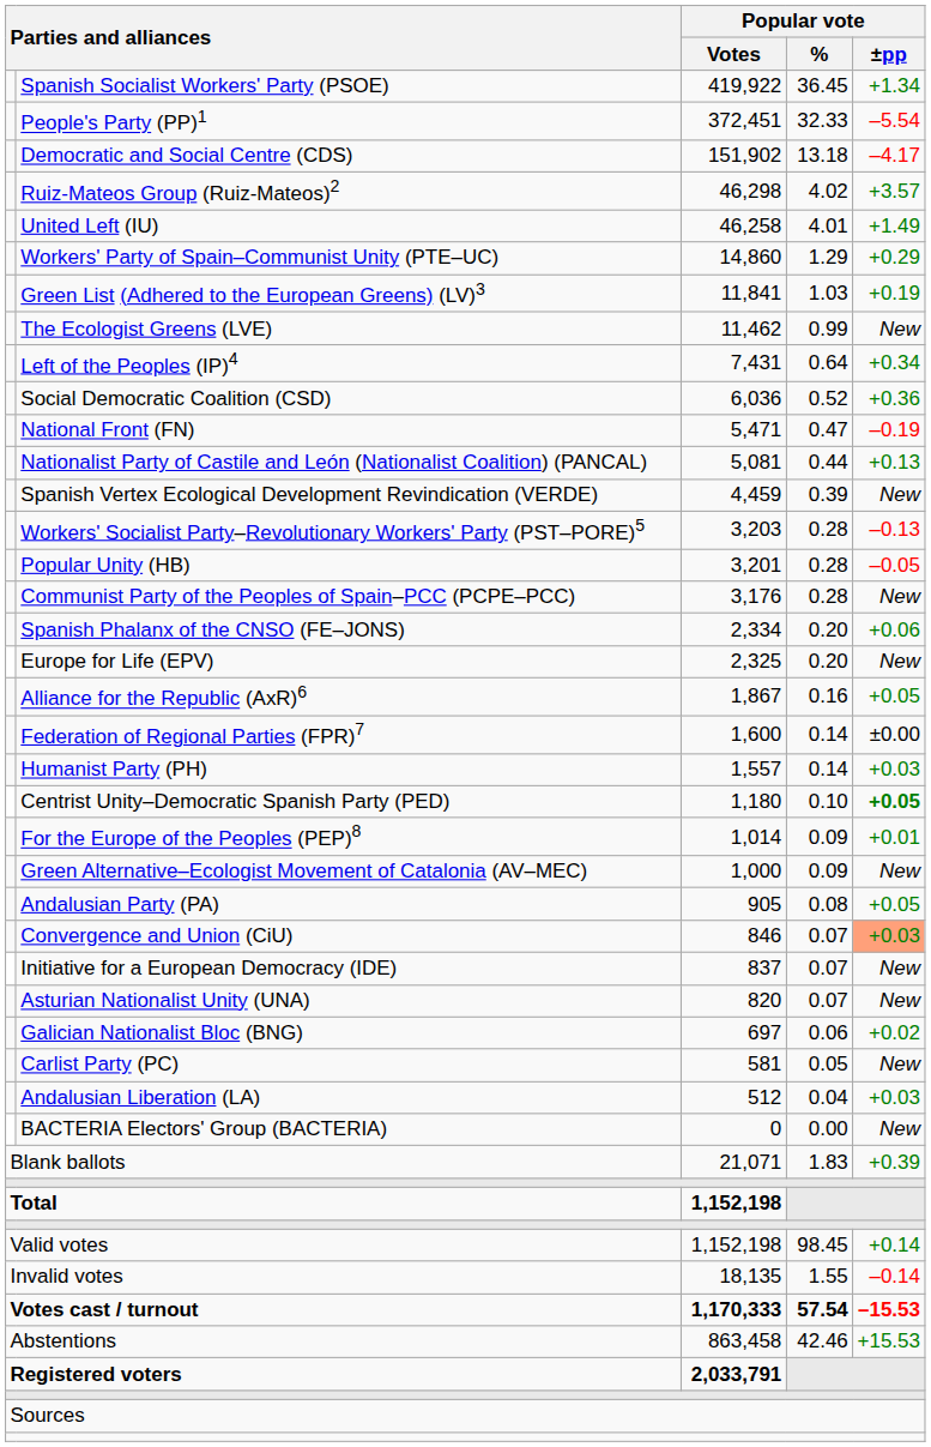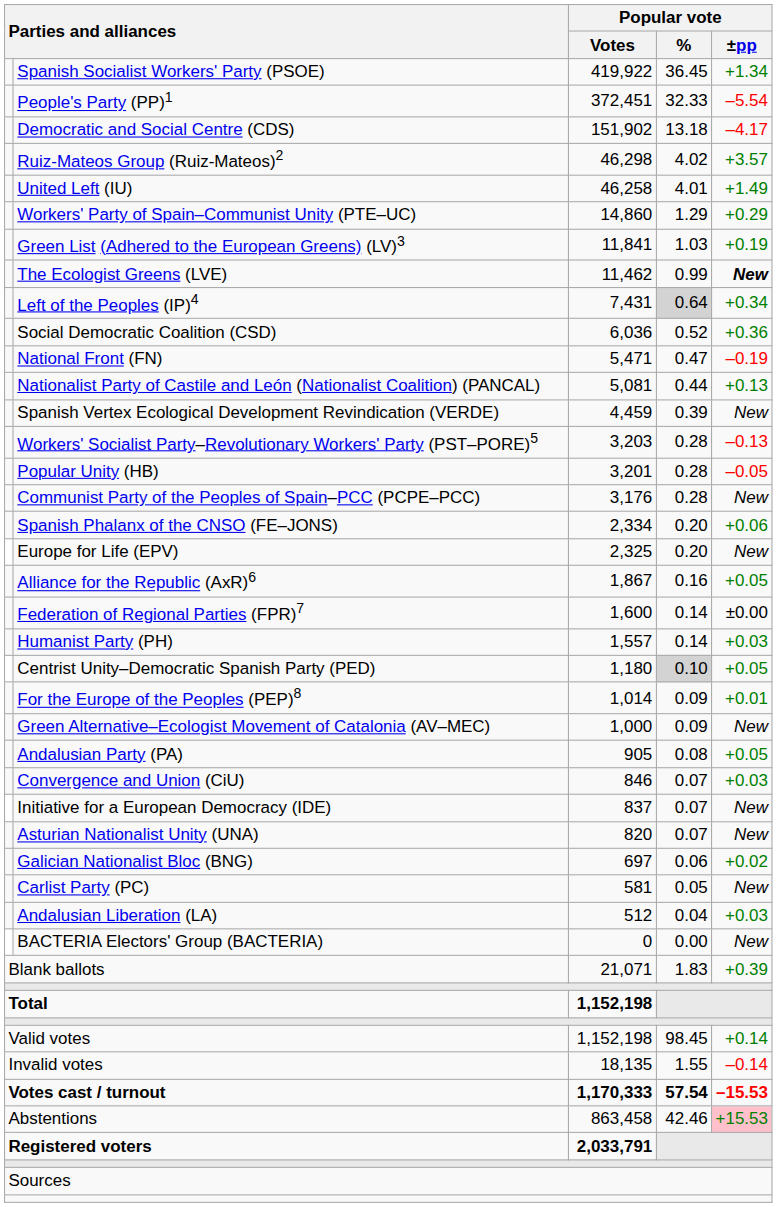 <table class="wikitable" style="text-align:right">
 <tr>
 <th style="text-align:left;" rowspan="2" colspan="2" width="525">Parties and alliances</th>
 <th colspan="3">Popular vote</th>
 </tr>
 <tr>
 <th width="75">Votes</th>
 <th width="45">%</th>
 <th width="45">±<a href='#'>pp</a></th>
 </tr>
 <tr>
 <td width="1" style="color:inherit;background:"></td>
 <td align="left"><a href='#'>Spanish Socialist Workers' Party</a> (PSOE)</td>
 <td>419,922</td>
 <td>36.45</td>
 <td style="color:green;">+1.34</td>
 </tr>
 <tr>
 <td style="color:inherit;background:"></td>
 <td align="left"><a href='#'>People's Party</a> (PP)<sup>1</sup></td>
 <td>372,451</td>
 <td>32.33</td>
 <td style="color:red;">–5.54</td>
 </tr>
 <tr>
 <td style="color:inherit;background:"></td>
 <td align="left"><a href='#'>Democratic and Social Centre</a> (CDS)</td>
 <td>151,902</td>
 <td>13.18</td>
 <td style="color:red;">–4.17</td>
 </tr>
 <tr>
 <td style="color:inherit;background:"></td>
 <td align="left"><a href='#'>Ruiz-Mateos Group</a> (Ruiz-Mateos)<sup>2</sup></td>
 <td>46,298</td>
 <td>4.02</td>
 <td style="color:green;">+3.57</td>
 </tr>
 <tr>
 <td style="color:inherit;background:"></td>
 <td align="left"><a href='#'>United Left</a> (IU)</td>
 <td>46,258</td>
 <td>4.01</td>
 <td style="color:green;">+1.49</td>
 </tr>
 <tr>
 <td style="color:inherit;background:"></td>
 <td align="left"><a href='#'>Workers' Party of Spain–Communist Unity</a> (PTE–UC)</td>
 <td>14,860</td>
 <td>1.29</td>
 <td style="color:green;">+0.29</td>
 </tr>
 <tr>
 <td style="color:inherit;background:"></td>
 <td align="left"><a href='#'>Green List</a> <a href='#'>(Adhered to the European Greens)</a> (LV)<sup>3</sup></td>
 <td>11,841</td>
 <td>1.03</td>
 <td style="color:green;">+0.19</td>
 </tr>
 <tr>
 <td style="color:inherit;background:"></td>
 <td align="left"><a href='#'>The Ecologist Greens</a> (LVE)</td>
 <td>11,462</td>
 <td>0.99</td>
-<td><em>New</em></td>
+<td><strong><em>New</em></strong></td>
 </tr>
 <tr>
 <td style="color:inherit;background:"></td>
 <td align="left"><a href='#'>Left of the Peoples</a> (IP)<sup>4</sup></td>
 <td>7,431</td>
-<td>0.64</td>
+<td style="background: lightgrey;">0.64</td>
 <td style="color:green;">+0.34</td>
 </tr>
 <tr>
 <td style="color:inherit;background:"></td>
 <td align="left">Social Democratic Coalition (CSD)</td>
 <td>6,036</td>
 <td>0.52</td>
 <td style="color:green;">+0.36</td>
 </tr>
 <tr>
 <td style="color:inherit;background:"></td>
 <td align="left"><a href='#'>National Front</a> (FN)</td>
 <td>5,471</td>
 <td>0.47</td>
 <td style="color:red;">–0.19</td>
 </tr>
 <tr>
 <td style="color:inherit;background:"></td>
 <td align="left"><a href='#'>Nationalist Party of Castile and León</a> (<a href='#'>Nationalist Coalition</a>) (PANCAL)</td>
 <td>5,081</td>
 <td>0.44</td>
 <td style="color:green;">+0.13</td>
 </tr>
 <tr>
 <td style="color:inherit;background:"></td>
 <td align="left">Spanish Vertex Ecological Development Revindication (VERDE)</td>
 <td>4,459</td>
 <td>0.39</td>
 <td><em>New</em></td>
 </tr>
 <tr>
 <td style="color:inherit;background:"></td>
 <td align="left"><a href='#'>Workers' Socialist Party</a>–<a href='#'>Revolutionary Workers' Party</a> (PST–PORE)<sup>5</sup></td>
 <td>3,203</td>
 <td>0.28</td>
 <td style="color:red;">–0.13</td>
 </tr>
 <tr>
 <td style="color:inherit;background:"></td>
 <td align="left"><a href='#'>Popular Unity</a> (HB)</td>
 <td>3,201</td>
 <td>0.28</td>
 <td style="color:red;">–0.05</td>
 </tr>
 <tr>
 <td style="color:inherit;background:"></td>
 <td align="left"><a href='#'>Communist Party of the Peoples of Spain</a>–<a href='#'>PCC</a> (PCPE–PCC)</td>
 <td>3,176</td>
 <td>0.28</td>
 <td><em>New</em></td>
 </tr>
 <tr>
 <td style="color:inherit;background:"></td>
 <td align="left"><a href='#'>Spanish Phalanx of the CNSO</a> (FE–JONS)</td>
 <td>2,334</td>
 <td>0.20</td>
 <td style="color:green;">+0.06</td>
 </tr>
 <tr>
 <td bgcolor="white"></td>
 <td align="left">Europe for Life (EPV)</td>
 <td>2,325</td>
 <td>0.20</td>
 <td><em>New</em></td>
 </tr>
 <tr>
 <td style="color:inherit;background:"></td>
 <td align="left"><a href='#'>Alliance for the Republic</a> (AxR)<sup>6</sup></td>
 <td>1,867</td>
 <td>0.16</td>
 <td style="color:green;">+0.05</td>
 </tr>
 <tr>
 <td style="color:inherit;background:"></td>
 <td align="left"><a href='#'>Federation of Regional Parties</a> (FPR)<sup>7</sup></td>
 <td>1,600</td>
 <td>0.14</td>
 <td>±0.00</td>
 </tr>
 <tr>
 <td style="color:inherit;background:"></td>
 <td align="left"><a href='#'>Humanist Party</a> (PH)</td>
 <td>1,557</td>
 <td>0.14</td>
 <td style="color:green;">+0.03</td>
 </tr>
 <tr>
 <td bgcolor="white"></td>
 <td align="left">Centrist Unity–Democratic Spanish Party (PED)</td>
 <td>1,180</td>
-<td>0.10</td>
-<td style="color:green;"><strong>+0.05</strong></td>
+<td style="background: lightgrey;">0.10</td>
+<td style="color:green;">+0.05</td>
 </tr>
 <tr>
 <td style="color:inherit;background:"></td>
 <td align="left"><a href='#'>For the Europe of the Peoples</a> (PEP)<sup>8</sup></td>
 <td>1,014</td>
 <td>0.09</td>
 <td style="color:green;">+0.01</td>
 </tr>
 <tr>
 <td style="color:inherit;background:"></td>
 <td align="left"><a href='#'>Green Alternative–Ecologist Movement of Catalonia</a> (AV–MEC)</td>
 <td>1,000</td>
 <td>0.09</td>
 <td><em>New</em></td>
 </tr>
 <tr>
 <td style="color:inherit;background:"></td>
 <td align="left"><a href='#'>Andalusian Party</a> (PA)</td>
 <td>905</td>
 <td>0.08</td>
 <td style="color:green;">+0.05</td>
 </tr>
 <tr>
 <td style="color:inherit;background:"></td>
 <td align="left"><a href='#'>Convergence and Union</a> (CiU)</td>
 <td>846</td>
 <td>0.07</td>
-<td style="background: lightsalmon; color:green;">+0.03</td>
+<td style="color:green;">+0.03</td>
 </tr>
 <tr>
 <td bgcolor="white"></td>
 <td align="left">Initiative for a European Democracy (IDE)</td>
 <td>837</td>
 <td>0.07</td>
 <td><em>New</em></td>
 </tr>
 <tr>
 <td style="color:inherit;background:"></td>
 <td align="left"><a href='#'>Asturian Nationalist Unity</a> (UNA)</td>
 <td>820</td>
 <td>0.07</td>
 <td><em>New</em></td>
 </tr>
 <tr>
 <td style="color:inherit;background:"></td>
 <td align="left"><a href='#'>Galician Nationalist Bloc</a> (BNG)</td>
 <td>697</td>
 <td>0.06</td>
 <td style="color:green;">+0.02</td>
 </tr>
 <tr>
 <td style="color:inherit;background:"></td>
 <td align="left"><a href='#'>Carlist Party</a> (PC)</td>
 <td>581</td>
 <td>0.05</td>
 <td><em>New</em></td>
 </tr>
 <tr>
 <td style="color:inherit;background:"></td>
 <td align="left"><a href='#'>Andalusian Liberation</a> (LA)</td>
 <td>512</td>
 <td>0.04</td>
 <td style="color:green;">+0.03</td>
 </tr>
 <tr>
 <td bgcolor="white"></td>
 <td align="left">BACTERIA Electors' Group (BACTERIA)</td>
 <td>0</td>
 <td>0.00</td>
 <td><em>New</em></td>
 </tr>
 <tr>
 <td align="left" colspan="2">Blank ballots</td>
 <td>21,071</td>
 <td>1.83</td>
 <td style="color:green;">+0.39</td>
 </tr>
 <tr>
 <td colspan="5" bgcolor="#E9E9E9"></td>
 </tr>
 <tr style="font-weight:bold;">
 <td align="left" colspan="2">Total</td>
 <td>1,152,198</td>
 <td bgcolor="#E9E9E9" colspan="2"></td>
 </tr>
 <tr>
 <td colspan="5" bgcolor="#E9E9E9"></td>
 </tr>
 <tr>
 <td align="left" colspan="2">Valid votes</td>
 <td>1,152,198</td>
 <td>98.45</td>
 <td style="color:green;">+0.14</td>
 </tr>
 <tr>
 <td align="left" colspan="2">Invalid votes</td>
 <td>18,135</td>
 <td>1.55</td>
 <td style="color:red;">–0.14</td>
 </tr>
 <tr style="font-weight:bold;">
 <td align="left" colspan="2">Votes cast / turnout</td>
 <td>1,170,333</td>
 <td>57.54</td>
 <td style="color:red;">–15.53</td>
 </tr>
 <tr>
 <td align="left" colspan="2">Abstentions</td>
 <td>863,458</td>
 <td>42.46</td>
-<td style="color:green;">+15.53</td>
+<td style="background: pink; color:green;">+15.53</td>
 </tr>
 <tr style="font-weight:bold;">
 <td align="left" colspan="2">Registered voters</td>
 <td>2,033,791</td>
 <td bgcolor="#E9E9E9" colspan="2"></td>
 </tr>
 <tr>
 <td colspan="5" bgcolor="#E9E9E9"></td>
 </tr>
 <tr>
 <td align="left" colspan="5">Sources</td>
 </tr>
 <tr>
 <td colspan="5" style="text-align:left; max-width:680px;"></td>
 </tr>
 </table>
